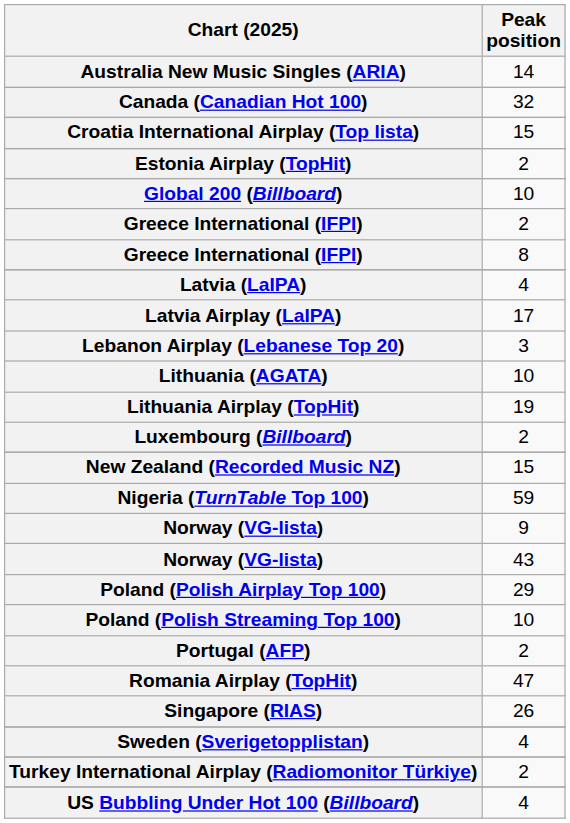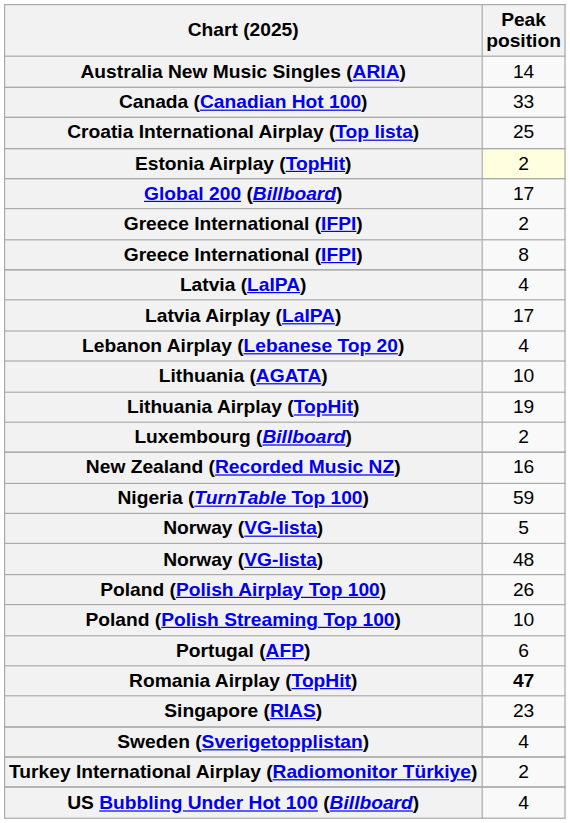 <table class="wikitable sortable plainrowheaders" style="text-align:center">
 <tr>
 <th scope="col">Chart (2025)</th>
 <th scope="col">Peak<br>position</th>
 </tr>
 <tr>
 <th scope="row">Australia New Music Singles (<a href='#'>ARIA</a>)</th>
 <td>14</td>
 </tr>
 <tr>
 </tr>
 <tr>
 </tr>
 <tr>
 </tr>
 <tr>
 <th scope="row">Canada (<a href='#'>Canadian Hot 100</a>)</th>
-<td>32</td>
+<td>33</td>
 </tr>
 <tr>
 </tr>
 <tr>
 <th scope="row">Croatia International Airplay (<a href='#'>Top lista</a>)</th>
-<td>15</td>
+<td>25</td>
 </tr>
 <tr>
 </tr>
 <tr>
 <th scope="row">Estonia Airplay (<a href='#'>TopHit</a>)</th>
-<td>2</td>
+<td style="background: lightyellow;">2</td>
 </tr>
 <tr>
 </tr>
 <tr>
 <th scope="row"><a href='#'>Global 200</a> (<em><a href='#'>Billboard</a></em>)</th>
-<td>10</td>
+<td>17</td>
 </tr>
 <tr>
 <th scope="row">Greece International (<a href='#'>IFPI</a>)</th>
 <td>2</td>
 </tr>
 <tr>
 <th scope="row">Greece International (<a href='#'>IFPI</a>)<br></th>
 <td>8</td>
 </tr>
 <tr>
 </tr>
 <tr>
 </tr>
 <tr>
 </tr>
 <tr>
 <th scope="row">Latvia (<a href='#'>LaIPA</a>)</th>
 <td>4</td>
 </tr>
 <tr>
 <th scope="row">Latvia Airplay (<a href='#'>LaIPA</a>)</th>
 <td>17</td>
 </tr>
 <tr>
 <th scope="row">Lebanon Airplay (<a href='#'>Lebanese Top 20</a>)</th>
-<td>3</td>
+<td>4</td>
 </tr>
 <tr>
 <th scope="row">Lithuania (<a href='#'>AGATA</a>)</th>
 <td>10</td>
 </tr>
 <tr>
 <th scope="row">Lithuania Airplay (<a href='#'>TopHit</a>)</th>
 <td>19</td>
 </tr>
 <tr>
 <th scope="row">Luxembourg (<em><a href='#'>Billboard</a></em>)</th>
 <td>2</td>
 </tr>
 <tr>
 </tr>
 <tr>
 </tr>
 <tr>
 <th scope="row">New Zealand (<a href='#'>Recorded Music NZ</a>)</th>
-<td>15</td>
+<td>16</td>
 </tr>
 <tr>
 <th scope="row">Nigeria (<a href='#'><em>TurnTable</em> Top 100</a>)<br></th>
 <td>59</td>
 </tr>
 <tr>
 <th scope="row">Norway (<a href='#'>VG-lista</a>)</th>
-<td>9</td>
+<td>5</td>
 </tr>
 <tr>
 <th scope="row">Norway (<a href='#'>VG-lista</a>)<br></th>
-<td>43</td>
+<td>48</td>
 </tr>
 <tr>
 <th scope="row">Poland (<a href='#'>Polish Airplay Top 100</a>)</th>
-<td>29</td>
+<td>26</td>
 </tr>
 <tr>
 <th scope="row">Poland (<a href='#'>Polish Streaming Top 100</a>)</th>
 <td>10</td>
 </tr>
 <tr>
 <th scope="row">Portugal (<a href='#'>AFP</a>)</th>
-<td>2</td>
+<td>6</td>
 </tr>
 <tr>
 <th scope="row">Romania Airplay (<a href='#'>TopHit</a>)</th>
-<td>47</td>
+<td><strong>47</strong></td>
 </tr>
 <tr>
 <th scope="row">Singapore (<a href='#'>RIAS</a>)</th>
-<td>26</td>
+<td>23</td>
 </tr>
 <tr>
 </tr>
 <tr>
 <th scope="row">Sweden (<a href='#'>Sverigetopplistan</a>)</th>
 <td>4</td>
 </tr>
 <tr>
 </tr>
 <tr>
 <th scope="row">Turkey International Airplay (<a href='#'>Radiomonitor Türkiye</a>)</th>
 <td>2</td>
 </tr>
 <tr>
 </tr>
 <tr>
 </tr>
 <tr>
 <th scope="row">US <a href='#'>Bubbling Under Hot 100</a> (<em><a href='#'>Billboard</a></em>)</th>
 <td>4</td>
 </tr>
 </table>
